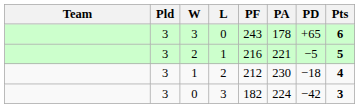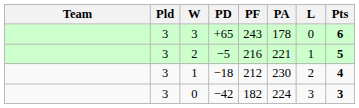 <table class=wikitable style="text-align:center">
 <tr>
 <th width=180>Team</th>
 <th width=30>Pld</th>
 <th width=30>W</th>
-<th width=30>L</th>
+<th width=30>PD</th>
 <th width=30>PF</th>
 <th width=30>PA</th>
-<th width=30>PD</th>
+<th width=30>L</th>
 <th width=30>Pts</th>
 </tr>
 <tr bgcolor="#ccffcc">
 <td align="left"></td>
 <td>3</td>
 <td>3</td>
-<td>0</td>
+<td>+65</td>
 <td>243</td>
 <td>178</td>
-<td>+65</td>
+<td>0</td>
 <td><strong>6</strong></td>
 </tr>
 <tr bgcolor="#ccffcc">
 <td align="left"></td>
 <td>3</td>
 <td>2</td>
-<td>1</td>
+<td>−5</td>
 <td>216</td>
 <td>221</td>
-<td>−5</td>
+<td>1</td>
 <td><strong>5</strong></td>
 </tr>
 <tr>
 <td align="left"></td>
 <td>3</td>
 <td>1</td>
-<td>2</td>
+<td>−18</td>
 <td>212</td>
 <td>230</td>
-<td>−18</td>
+<td>2</td>
 <td><strong>4</strong></td>
 </tr>
 <tr>
 <td align="left"></td>
 <td>3</td>
 <td>0</td>
-<td>3</td>
+<td>−42</td>
 <td>182</td>
 <td>224</td>
-<td>−42</td>
+<td>3</td>
 <td><strong>3</strong></td>
 </tr>
 </table>
